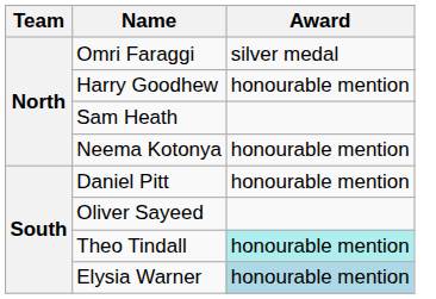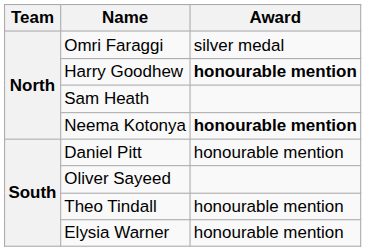 <table class="wikitable">
 <tr>
 <th>Team</th>
 <th>Name</th>
 <th>Award</th>
 </tr>
 <tr>
 <th rowspan=4 valign="middle">North</th>
 <td>Omri Faraggi</td>
 <td>silver medal</td>
 </tr>
 <tr>
 <td>Harry Goodhew</td>
-<td>honourable mention</td>
+<td><strong>honourable mention</strong></td>
 </tr>
 <tr>
 <td>Sam Heath</td>
 <td></td>
 </tr>
 <tr>
 <td>Neema Kotonya</td>
-<td>honourable mention</td>
+<td><strong>honourable mention</strong></td>
 </tr>
 <tr>
 <th rowspan=4 valign="middle">South</th>
 <td>Daniel Pitt</td>
 <td>honourable mention</td>
 </tr>
 <tr>
 <td>Oliver Sayeed</td>
 <td></td>
 </tr>
 <tr>
 <td>Theo Tindall</td>
-<td style="background: paleturquoise;">honourable mention</td>
+<td>honourable mention</td>
 </tr>
 <tr>
 <td>Elysia Warner</td>
-<td style="background: lightblue;">honourable mention</td>
+<td>honourable mention</td>
 </tr>
 </table>
